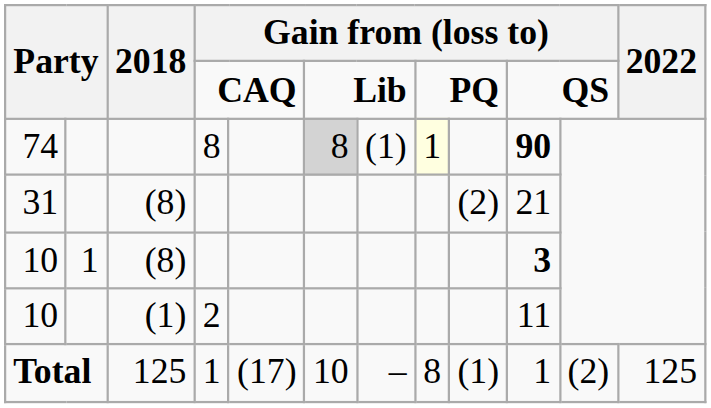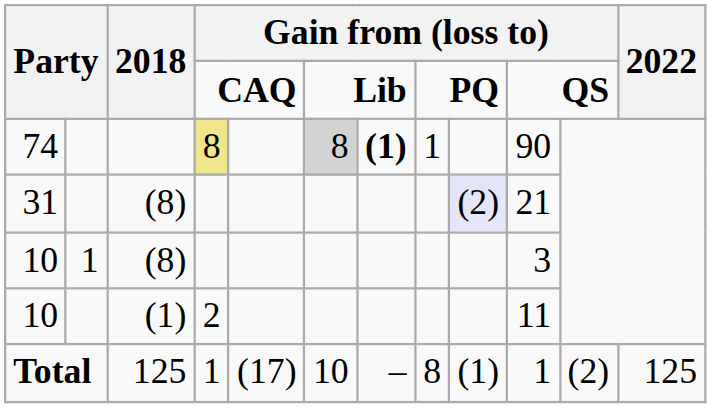 <table class="wikitable" style="text-align:right;">
 <tr>
 <th rowspan="2" colspan="2">Party</th>
 <th rowspan="2">2018</th>
 <th colspan="8">Gain from (loss to)</th>
 <th rowspan="2">2022</th>
 </tr>
 <tr>
 <td colspan="2" ><strong>CAQ</strong></td>
 <td colspan="2" ><strong>Lib</strong></td>
 <td colspan="2" ><strong>PQ</strong></td>
 <td colspan="2" ><strong>QS</strong></td>
 </tr>
 <tr align = "right">
 <td>74</td>
 <td></td>
 <td></td>
-<td>8</td>
+<td style="background: khaki;">8</td>
 <td></td>
 <td style="background: lightgrey;">8</td>
-<td>(1)</td>
-<td style="background: lightyellow;">1</td>
+<td><strong>(1)</strong></td>
+<td>1</td>
 <td></td>
-<td><strong>90</strong></td>
+<td>90</td>
 </tr>
 <tr>
 <td>31</td>
 <td></td>
 <td>(8)</td>
 <td></td>
 <td></td>
 <td></td>
 <td></td>
 <td></td>
-<td>(2)</td>
+<td style="background: lavender;">(2)</td>
 <td>21</td>
 </tr>
 <tr>
 <td>10</td>
 <td>1</td>
 <td>(8)</td>
 <td></td>
 <td></td>
 <td></td>
 <td></td>
 <td></td>
 <td></td>
-<td><strong>3</strong></td>
+<td>3</td>
 </tr>
 <tr>
 <td>10</td>
 <td></td>
 <td>(1)</td>
 <td>2</td>
 <td></td>
 <td></td>
 <td></td>
 <td></td>
 <td></td>
 <td>11</td>
 </tr>
 <tr>
 <td colspan=2 align="left"><strong>Total</strong></td>
 <td>125</td>
 <td>1</td>
 <td>(17)</td>
 <td>10</td>
 <td>–</td>
 <td>8</td>
 <td>(1)</td>
 <td>1</td>
 <td>(2)</td>
 <td>125</td>
 </tr>
 </table>
